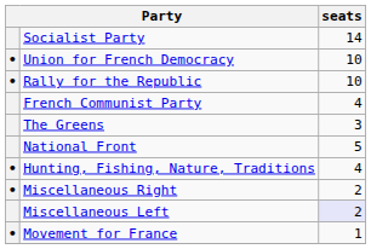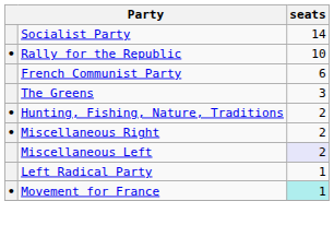 <table class="wikitable" style="font-size: 95%;">
 <tr>
 <th colspan=2>Party</th>
 <th>seats</th>
 </tr>
 <tr>
 <th style="background-color: "></th>
 <td><a href='#'>Socialist Party</a></td>
 <td align="right">14</td>
 </tr>
 <tr>
 <th style="background-color: "><span>•</span></th>
-<td><a href='#'>Union for French Democracy</a></td>
-<td align="right">10</td>
-</tr>
-<tr>
-<th style="background-color: "><span>•</span></th>
 <td><a href='#'>Rally for the Republic</a></td>
 <td align="right">10</td>
 </tr>
 <tr>
 <th style="background-color: "></th>
 <td><a href='#'>French Communist Party</a></td>
-<td align="right">4</td>
+<td align="right">6</td>
 </tr>
 <tr>
 <th style="background-color: "></th>
 <td><a href='#'>The Greens</a></td>
 <td align="right">3</td>
 </tr>
 <tr>
-<th style="background-color: "></th>
-<td><a href='#'>National Front</a></td>
-<td align="right">5</td>
-</tr>
-<tr>
 <th style="background-color: "><span>•</span></th>
 <td><a href='#'>Hunting, Fishing, Nature, Traditions</a></td>
-<td align="right">4</td>
+<td align="right">2</td>
 </tr>
 <tr>
 <th style="background-color: "><span>•</span></th>
 <td><a href='#'>Miscellaneous Right</a></td>
 <td align="right">2</td>
 </tr>
 <tr>
 <th style="background-color: "></th>
 <td><a href='#'>Miscellaneous Left</a></td>
 <td align="right" style="background: lavender;">2</td>
 </tr>
 <tr>
+<th style="background-color: "></th>
+<td><a href='#'>Left Radical Party</a></td>
+<td align="right">1</td>
+</tr>
+<tr>
 <th style="background-color: "><span>•</span></th>
 <td><a href='#'>Movement for France</a></td>
-<td align="right">1</td>
+<td align="right" style="background: paleturquoise;">1</td>
 </tr>
 <tr>
 </tr>
 </table>
